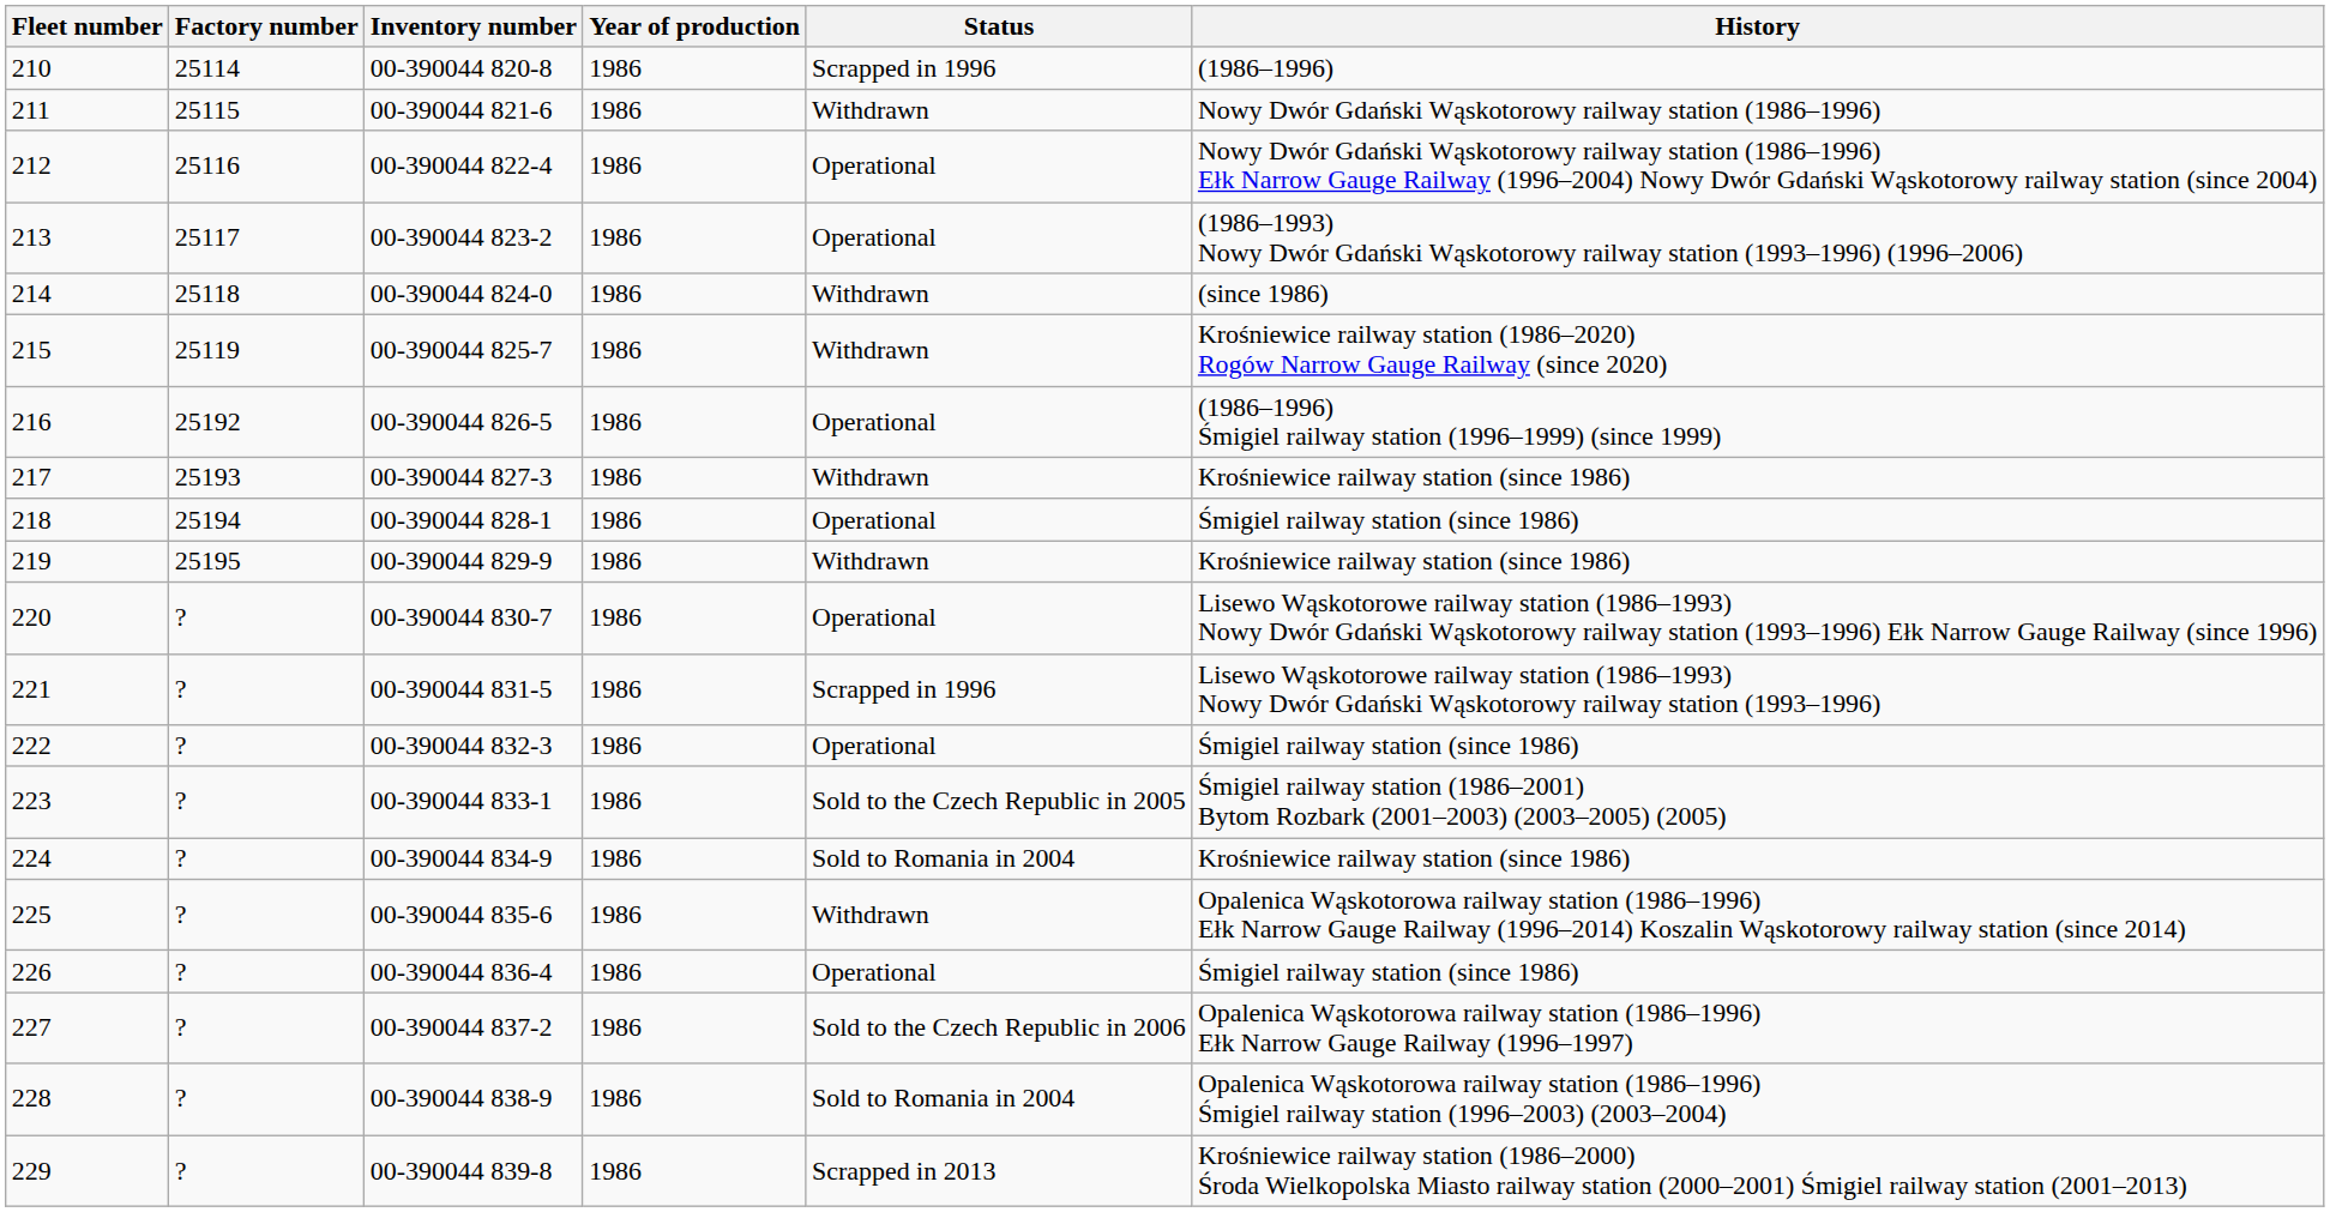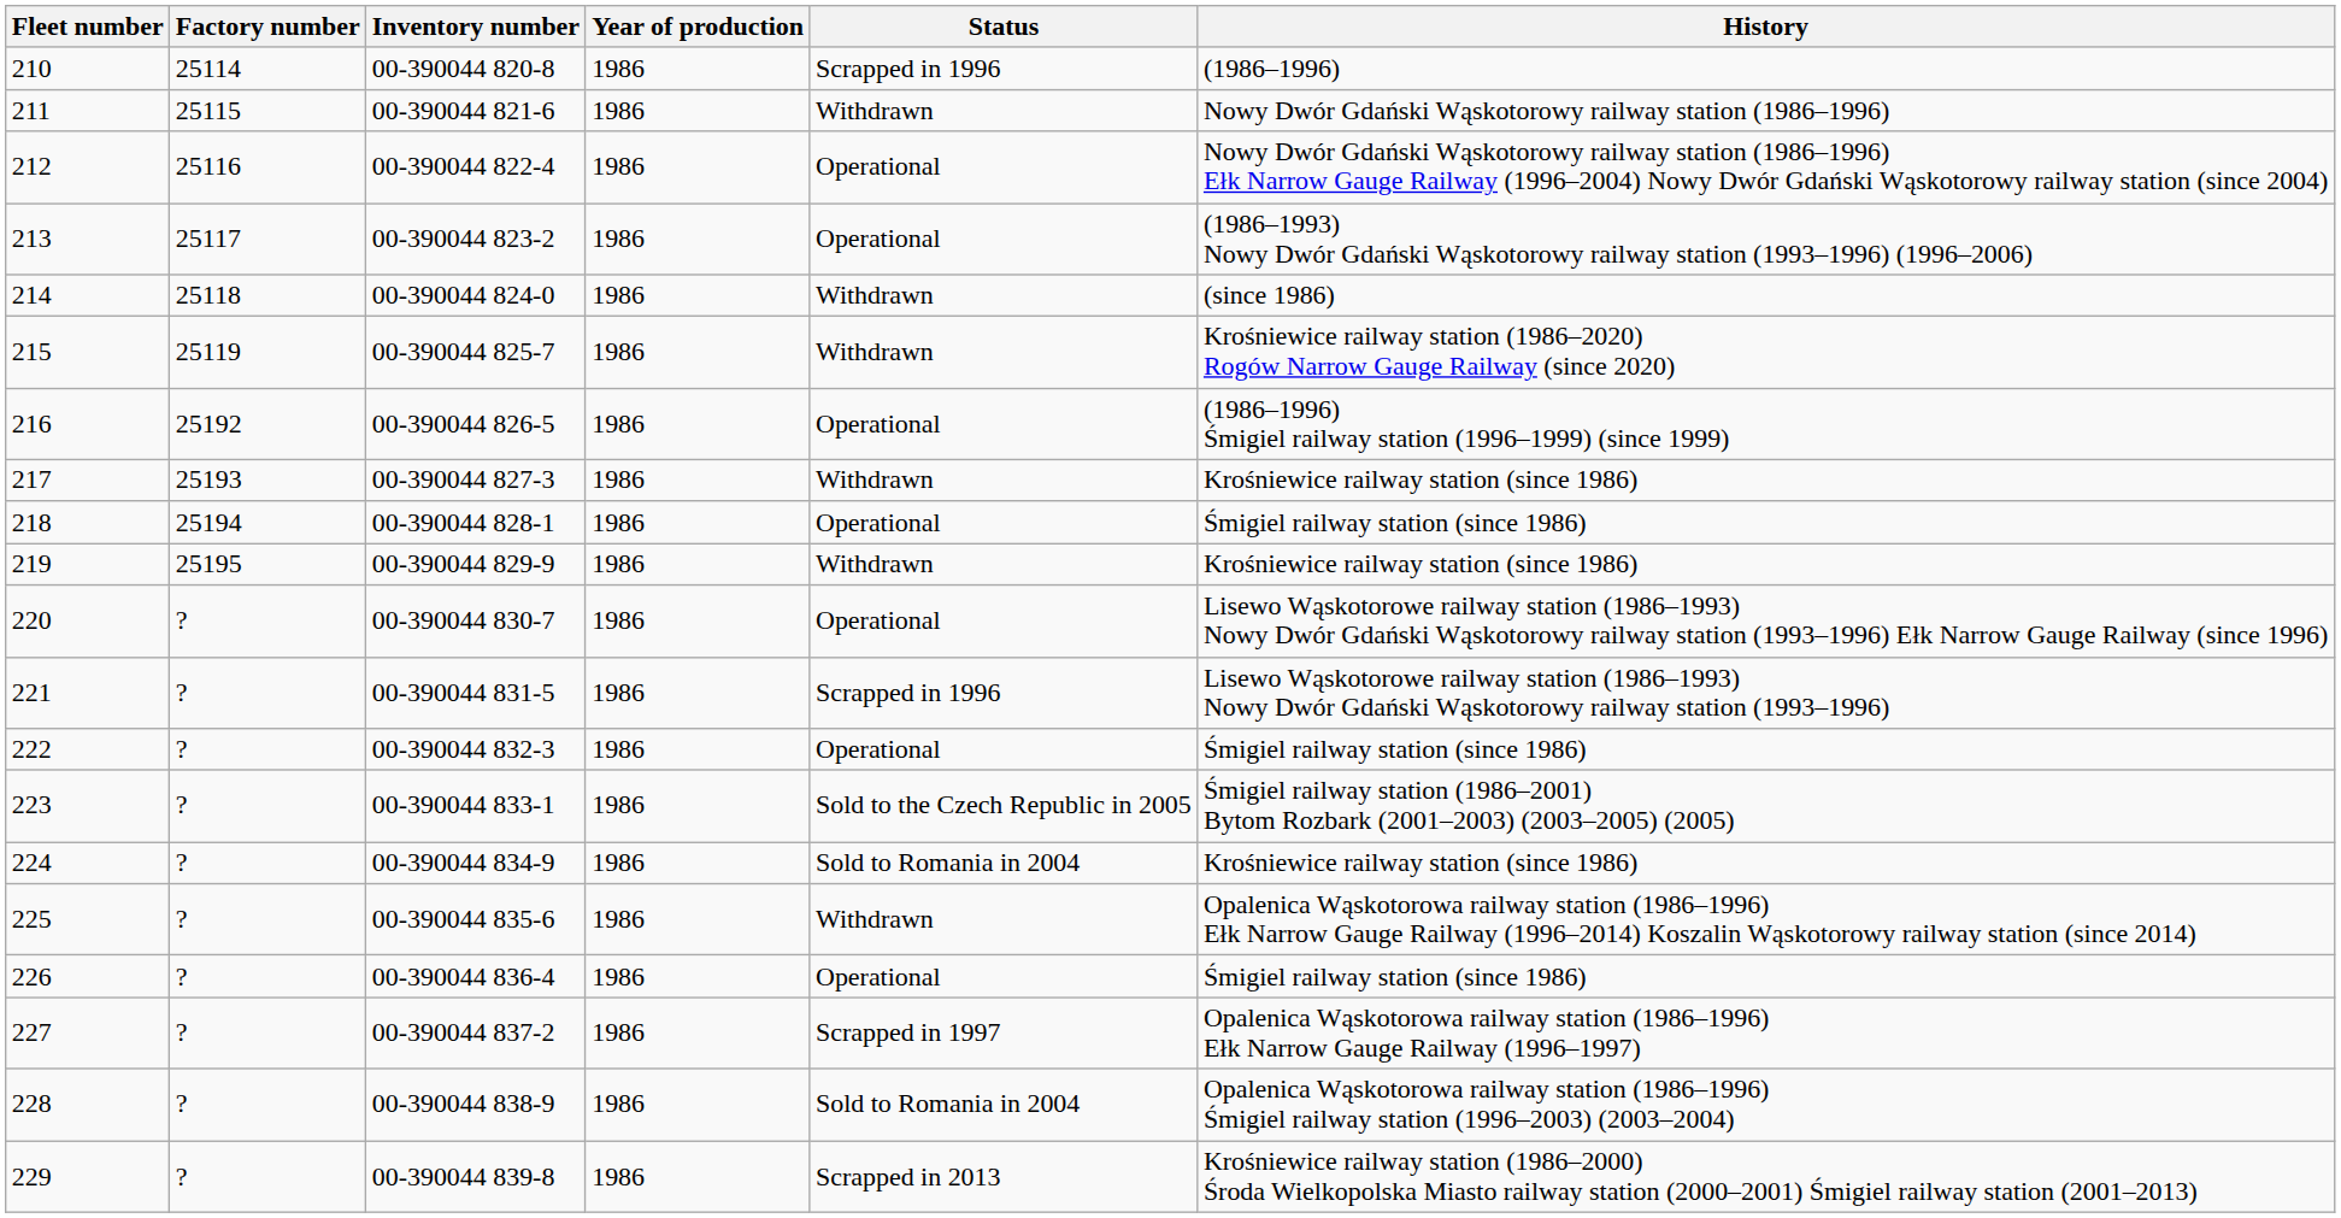 <table class="wikitable">
 <tr>
 <th>Fleet number</th>
 <th>Factory number</th>
 <th>Inventory number</th>
 <th>Year of production</th>
 <th>Status</th>
 <th>History</th>
 </tr>
 <tr>
 <td>210</td>
 <td>25114</td>
 <td>00-390044 820-8</td>
 <td>1986</td>
 <td>Scrapped in 1996</td>
 <td> (1986–1996)</td>
 </tr>
 <tr>
 <td>211</td>
 <td>25115</td>
 <td>00-390044 821-6</td>
 <td>1986</td>
 <td>Withdrawn</td>
 <td>Nowy Dwór Gdański Wąskotorowy railway station (1986–1996)</td>
 </tr>
 <tr>
 <td>212</td>
 <td>25116</td>
 <td>00-390044 822-4</td>
 <td>1986</td>
 <td>Operational</td>
 <td>Nowy Dwór Gdański Wąskotorowy railway station (1986–1996)<br><a href='#'>Ełk Narrow Gauge Railway</a> (1996–2004) Nowy Dwór Gdański Wąskotorowy railway station (since 2004)</td>
 </tr>
 <tr>
 <td>213</td>
 <td>25117</td>
 <td>00-390044 823-2</td>
 <td>1986</td>
 <td>Operational</td>
 <td> (1986–1993)<br>Nowy Dwór Gdański Wąskotorowy railway station (1993–1996)  (1996–2006)</td>
 </tr>
 <tr>
 <td>214</td>
 <td>25118</td>
 <td>00-390044 824-0</td>
 <td>1986</td>
 <td>Withdrawn</td>
 <td> (since 1986)</td>
 </tr>
 <tr>
 <td>215</td>
 <td>25119</td>
 <td>00-390044 825-7</td>
 <td>1986</td>
 <td>Withdrawn</td>
 <td>Krośniewice railway station (1986–2020)<br><a href='#'>Rogów Narrow Gauge Railway</a> (since 2020)</td>
 </tr>
 <tr>
 <td>216</td>
 <td>25192</td>
 <td>00-390044 826-5</td>
 <td>1986</td>
 <td>Operational</td>
 <td> (1986–1996)<br>Śmigiel railway station (1996–1999)  (since 1999)</td>
 </tr>
 <tr>
 <td>217</td>
 <td>25193</td>
 <td>00-390044 827-3</td>
 <td>1986</td>
 <td>Withdrawn</td>
 <td>Krośniewice railway station (since 1986)</td>
 </tr>
 <tr>
 <td>218</td>
 <td>25194</td>
 <td>00-390044 828-1</td>
 <td>1986</td>
 <td>Operational</td>
 <td>Śmigiel railway station (since 1986)</td>
 </tr>
 <tr>
 <td>219</td>
 <td>25195</td>
 <td>00-390044 829-9</td>
 <td>1986</td>
 <td>Withdrawn</td>
 <td>Krośniewice railway station (since 1986)</td>
 </tr>
 <tr>
 <td>220</td>
 <td>?</td>
 <td>00-390044 830-7</td>
 <td>1986</td>
 <td>Operational</td>
 <td>Lisewo Wąskotorowe railway station (1986–1993)<br>Nowy Dwór Gdański Wąskotorowy railway station (1993–1996) Ełk Narrow Gauge Railway (since 1996)</td>
 </tr>
 <tr>
 <td>221</td>
 <td>?</td>
 <td>00-390044 831-5</td>
 <td>1986</td>
 <td>Scrapped in 1996</td>
 <td>Lisewo Wąskotorowe railway station (1986–1993)<br>Nowy Dwór Gdański Wąskotorowy railway station (1993–1996)</td>
 </tr>
 <tr>
 <td>222</td>
 <td>?</td>
 <td>00-390044 832-3</td>
 <td>1986</td>
 <td>Operational</td>
 <td>Śmigiel railway station (since 1986)</td>
 </tr>
 <tr>
 <td>223</td>
 <td>?</td>
 <td>00-390044 833-1</td>
 <td>1986</td>
 <td>Sold to the Czech Republic in 2005</td>
 <td>Śmigiel railway station (1986–2001)<br>Bytom Rozbark (2001–2003)  (2003–2005)  (2005)</td>
 </tr>
 <tr>
 <td>224</td>
 <td>?</td>
 <td>00-390044 834-9</td>
 <td>1986</td>
 <td>Sold to Romania in 2004</td>
 <td>Krośniewice railway station (since 1986)</td>
 </tr>
 <tr>
 <td>225</td>
 <td>?</td>
 <td>00-390044 835-6</td>
 <td>1986</td>
 <td>Withdrawn</td>
 <td>Opalenica Wąskotorowa railway station (1986–1996)<br>Ełk Narrow Gauge Railway (1996–2014) Koszalin Wąskotorowy railway station (since 2014)</td>
 </tr>
 <tr>
 <td>226</td>
 <td>?</td>
 <td>00-390044 836-4</td>
 <td>1986</td>
 <td>Operational</td>
 <td>Śmigiel railway station (since 1986)</td>
 </tr>
 <tr>
 <td>227</td>
 <td>?</td>
 <td>00-390044 837-2</td>
 <td>1986</td>
-<td>Sold to the Czech Republic in 2006</td>
+<td>Scrapped in 1997</td>
 <td>Opalenica Wąskotorowa railway station (1986–1996)<br>Ełk Narrow Gauge Railway (1996–1997)</td>
 </tr>
 <tr>
 <td>228</td>
 <td>?</td>
 <td>00-390044 838-9</td>
 <td>1986</td>
 <td>Sold to Romania in 2004</td>
 <td>Opalenica Wąskotorowa railway station (1986–1996)<br>Śmigiel railway station (1996–2003)  (2003–2004)</td>
 </tr>
 <tr>
 <td>229</td>
 <td>?</td>
 <td>00-390044 839-8</td>
 <td>1986</td>
 <td>Scrapped in 2013</td>
 <td>Krośniewice railway station (1986–2000)<br>Środa Wielkopolska Miasto railway station (2000–2001) Śmigiel railway station (2001–2013)</td>
 </tr>
 </table>
